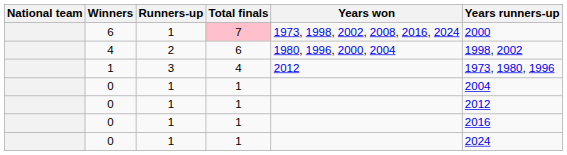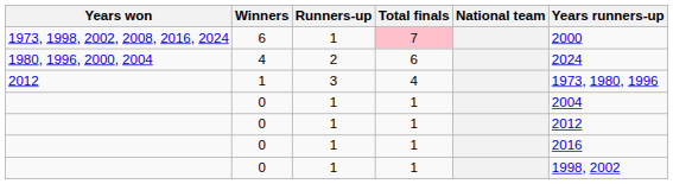 <table class="wikitable sortable plainrowheaders">
 <tr>
-<th scope="col">National team</th>
+<th class="unsortable" scope="col">Years won</th>
 <th scope="col">Winners</th>
 <th scope="col">Runners-up</th>
 <th scope="col">Total finals</th>
-<th class="unsortable" scope="col">Years won</th>
+<th scope="col">National team</th>
 <th class="unsortable" scope="col">Years runners-up</th>
 </tr>
 <tr>
-<th scope="row"></th>
+<td><a href='#'>1973</a>, <a href='#'>1998</a>, <a href='#'>2002</a>, <a href='#'>2008</a>, <a href='#'>2016</a>, <a href='#'>2024</a></td>
 <td align="center">6</td>
 <td align="center">1</td>
 <td align="center" style="background: pink;">7</td>
-<td><a href='#'>1973</a>, <a href='#'>1998</a>, <a href='#'>2002</a>, <a href='#'>2008</a>, <a href='#'>2016</a>, <a href='#'>2024</a></td>
+<th scope="row"></th>
 <td><a href='#'>2000</a></td>
 </tr>
 <tr>
-<th scope="row"></th>
+<td><a href='#'>1980</a>, <a href='#'>1996</a>, <a href='#'>2000</a>, <a href='#'>2004</a></td>
 <td align="center">4</td>
 <td align="center">2</td>
 <td align="center">6</td>
-<td><a href='#'>1980</a>, <a href='#'>1996</a>, <a href='#'>2000</a>, <a href='#'>2004</a></td>
-<td><a href='#'>1998</a>, <a href='#'>2002</a></td>
+<th scope="row"></th>
+<td><a href='#'>2024</a></td>
 </tr>
 <tr>
-<th scope="row"></th>
+<td><a href='#'>2012</a></td>
 <td align="center">1</td>
 <td align="center">3</td>
 <td align="center">4</td>
-<td><a href='#'>2012</a></td>
+<th scope="row"></th>
 <td><a href='#'>1973</a>, <a href='#'>1980</a>, <a href='#'>1996</a></td>
 </tr>
 <tr>
-<th scope="row"></th>
+<td></td>
 <td align="center">0</td>
 <td align="center">1</td>
 <td align="center">1</td>
-<td></td>
+<th scope="row"></th>
 <td><a href='#'>2004</a></td>
 </tr>
 <tr>
-<th scope="row"></th>
+<td></td>
 <td align="center">0</td>
 <td align="center">1</td>
 <td align="center">1</td>
-<td></td>
+<th scope="row"></th>
 <td><a href='#'>2012</a></td>
 </tr>
 <tr>
-<th scope="row"></th>
+<td></td>
 <td align="center">0</td>
 <td align="center">1</td>
 <td align="center">1</td>
-<td></td>
+<th scope="row"></th>
 <td><a href='#'>2016</a></td>
 </tr>
 <tr>
-<th scope="row"></th>
+<td></td>
 <td align="center">0</td>
 <td align="center">1</td>
 <td align="center">1</td>
-<td></td>
-<td><a href='#'>2024</a></td>
+<th scope="row"></th>
+<td><a href='#'>1998</a>, <a href='#'>2002</a></td>
 </tr>
 </table>
